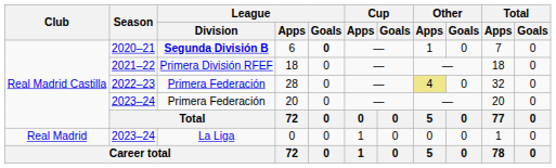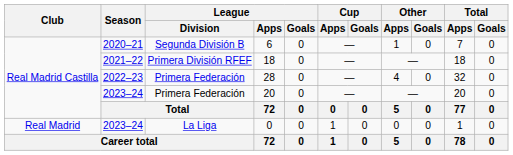 <table class="wikitable" style="text-align:center">
 <tr>
 <th rowspan="2">Club</th>
 <th rowspan="2">Season</th>
 <th colspan="3">League</th>
 <th colspan="2">Cup</th>
 <th colspan="2">Other</th>
 <th colspan="2">Total</th>
 </tr>
 <tr>
 <th>Division</th>
 <th>Apps</th>
 <th>Goals</th>
 <th>Apps</th>
 <th>Goals</th>
 <th>Apps</th>
 <th>Goals</th>
 <th>Apps</th>
 <th>Goals</th>
 </tr>
 <tr>
 <td rowspan="5"><a href='#'>Real Madrid Castilla</a></td>
 <td><a href='#'>2020–21</a></td>
-<td><strong><a href='#'>Segunda División B</a></strong></td>
+<td><a href='#'>Segunda División B</a></td>
 <td>6</td>
-<td><strong>0</strong></td>
+<td>0</td>
 <td colspan="2">—</td>
 <td>1</td>
 <td>0</td>
 <td>7</td>
 <td>0</td>
 </tr>
 <tr>
 <td><a href='#'>2021–22</a></td>
 <td><a href='#'>Primera División RFEF</a></td>
 <td>18</td>
 <td>0</td>
 <td colspan="2">—</td>
 <td colspan="2">—</td>
 <td>18</td>
 <td>0</td>
 </tr>
 <tr>
 <td><a href='#'>2022–23</a></td>
 <td><a href='#'>Primera Federación</a></td>
 <td>28</td>
 <td>0</td>
 <td colspan="2">—</td>
-<td style="background: khaki;">4</td>
+<td>4</td>
 <td>0</td>
 <td>32</td>
 <td>0</td>
 </tr>
 <tr>
 <td><a href='#'>2023–24</a></td>
 <td>Primera Federación</td>
 <td>20</td>
 <td>0</td>
 <td colspan="2">—</td>
 <td colspan="2">—</td>
 <td>20</td>
 <td>0</td>
 </tr>
 <tr>
 <th colspan="2">Total</th>
 <th>72</th>
 <th>0</th>
 <th>0</th>
 <th>0</th>
 <th>5</th>
 <th>0</th>
 <th>77</th>
 <th>0</th>
 </tr>
 <tr>
 <td><a href='#'>Real Madrid</a></td>
 <td><a href='#'>2023–24</a></td>
 <td><a href='#'>La Liga</a></td>
 <td>0</td>
 <td>0</td>
 <td>1</td>
 <td>0</td>
 <td>0</td>
 <td>0</td>
 <td>1</td>
 <td>0</td>
 </tr>
 <tr>
 <th colspan="3">Career total</th>
 <th>72</th>
 <th>0</th>
 <th>1</th>
 <th>0</th>
 <th>5</th>
 <th>0</th>
 <th>78</th>
 <th>0</th>
 </tr>
 </table>
